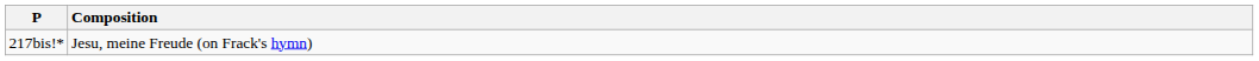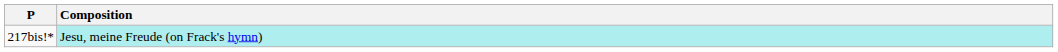 <table class="wikitable" width="100%">
 <tr>
 <th width="32">P</th>
 <th style="text-align: left;">Composition</th>
 </tr>
 <tr>
 <td>217bis!*</td>
-<td>Jesu, meine Freude (on Frack's <a href='#'>hymn</a>)</td>
+<td style="background: paleturquoise;">Jesu, meine Freude (on Frack's <a href='#'>hymn</a>)</td>
 </tr>
 </table>
